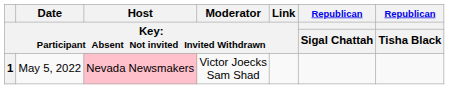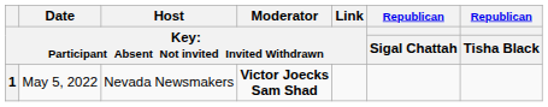 <table class="wikitable" style="text-align:center;">
 <tr>
 <th scope="col"></th>
 <th scope="col">Date</th>
 <th scope="col">Host</th>
 <th scope="col">Moderator</th>
 <th scope="col">Link</th>
 <th scope="col"><small><a href='#'>Republican</a></small></th>
 <th scope="col"><small><a href='#'>Republican</a></small></th>
 </tr>
 <tr>
 <th colspan="5" rowspan="2">Key:<br> <small>Participant </small>  <small>Absent </small>  <small>Not invited </small>  <small>Invited  Withdrawn</small></th>
 <th scope="col" style="background:"></th>
 <th scope="col" style="background:"></th>
 </tr>
 <tr>
 <th scope="col">Sigal Chattah</th>
 <th scope="col">Tisha Black</th>
 </tr>
 <tr>
 <th>1</th>
 <td style="white-space:nowrap;">May 5, 2022</td>
-<td style="background: pink; white-space:nowrap;">Nevada Newsmakers</td>
-<td style="white-space:nowrap;">Victor Joecks<br>Sam Shad</td>
+<td style="white-space:nowrap;">Nevada Newsmakers</td>
+<td style="white-space:nowrap;"><strong>Victor Joecks<br>Sam Shad</strong></td>
 <td style="white-space:nowrap;"></td>
 <td></td>
 <td></td>
 </tr>
 </table>
